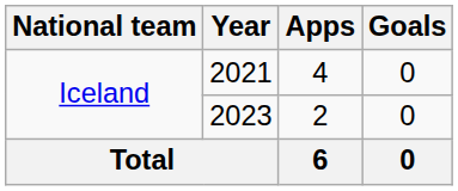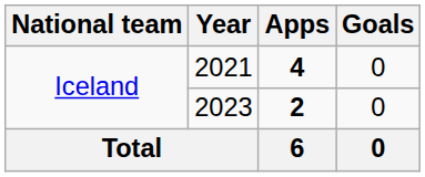 <table class="wikitable" style="text-align:center">
 <tr>
 <th>National team</th>
 <th>Year</th>
 <th>Apps</th>
 <th>Goals</th>
 </tr>
 <tr>
 <td rowspan="2"><a href='#'>Iceland</a></td>
 <td>2021</td>
-<td>4</td>
+<td><strong>4</strong></td>
 <td>0</td>
 </tr>
 <tr>
 <td>2023</td>
-<td>2</td>
+<td><strong>2</strong></td>
 <td>0</td>
 </tr>
 <tr>
 <th colspan="2">Total</th>
 <th>6</th>
 <th>0</th>
 </tr>
 </table>
